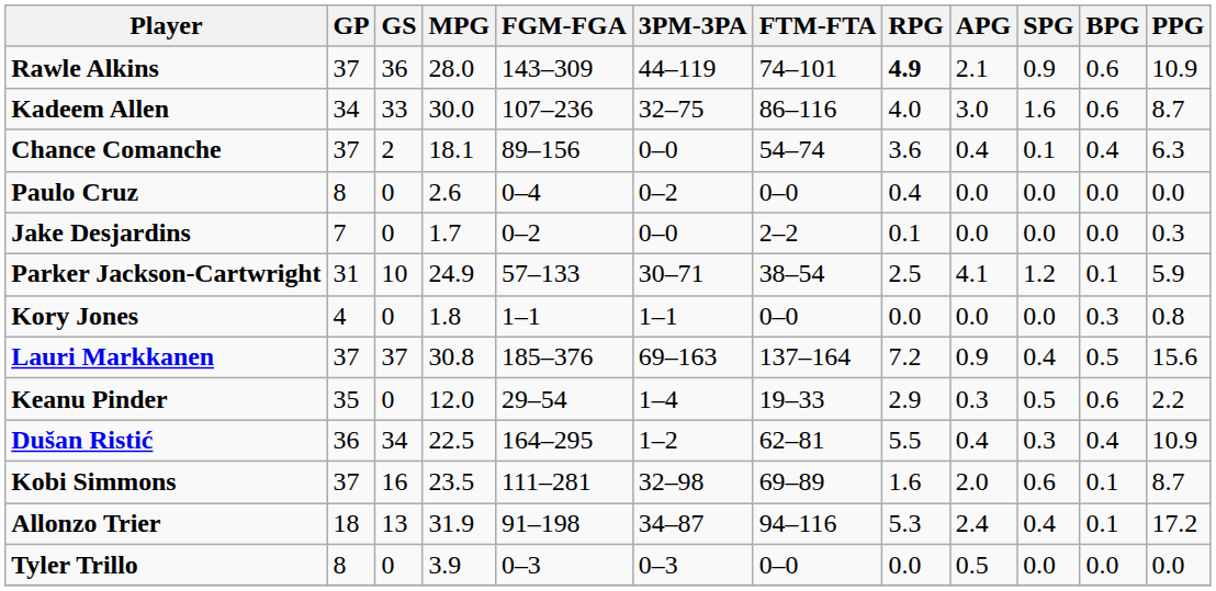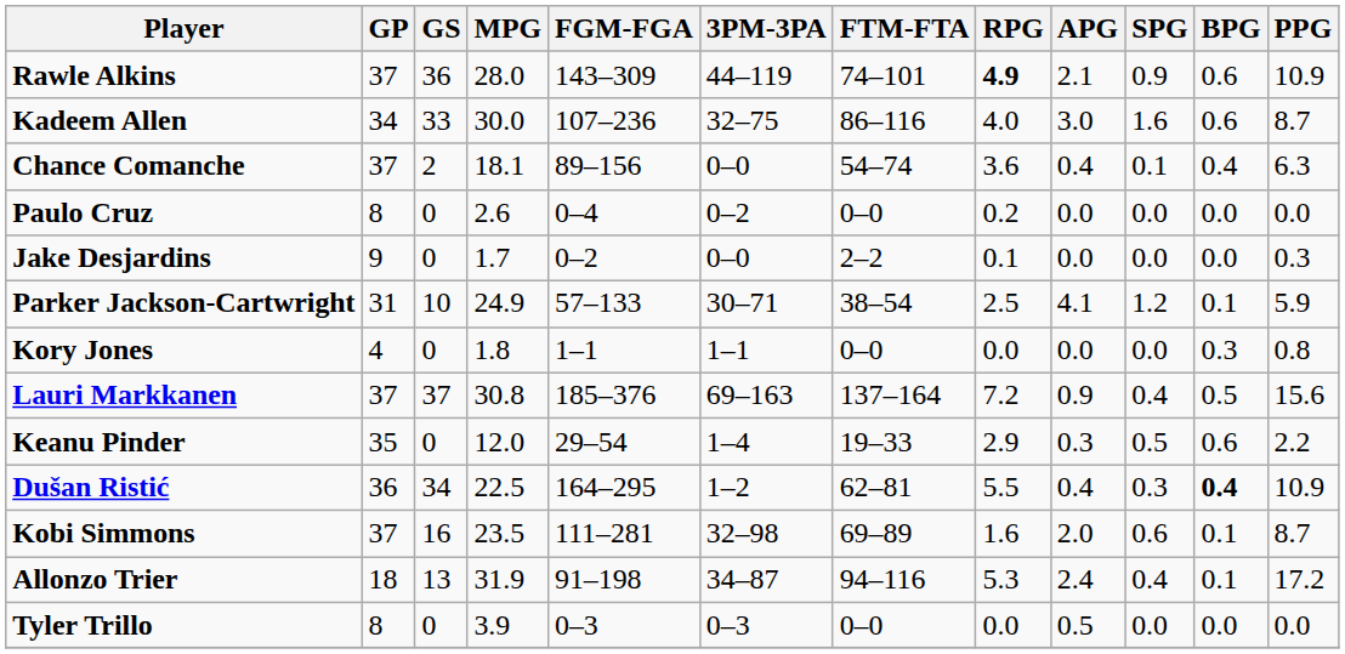 <table class="wikitable sortable" style="font-size: 100%">
 <tr>
 <th style="background:#">Player</th>
 <th style="background:#">GP</th>
 <th style="background:#">GS</th>
 <th style="background:#">MPG</th>
 <th style="background:#">FGM-FGA</th>
 <th style="background:#">3PM-3PA</th>
 <th style="background:#">FTM-FTA</th>
 <th style="background:#">RPG</th>
 <th style="background:#">APG</th>
 <th style="background:#">SPG</th>
 <th style="background:#">BPG</th>
 <th style="background:#">PPG</th>
 </tr>
 <tr bgcolor="">
 <td data-sort-value="Alkins, Rawle"><strong>Rawle Alkins</strong></td>
 <td>37</td>
 <td>36</td>
 <td>28.0</td>
 <td>143–309</td>
 <td>44–119</td>
 <td>74–101</td>
 <td><strong>4.9</strong></td>
 <td>2.1</td>
 <td>0.9</td>
 <td>0.6</td>
 <td>10.9</td>
 </tr>
 <tr bgcolor="">
 <td data-sort-value="Allen, Kadeem"><strong>Kadeem Allen</strong></td>
 <td>34</td>
 <td>33</td>
 <td>30.0</td>
 <td>107–236</td>
 <td>32–75</td>
 <td>86–116</td>
 <td>4.0</td>
 <td>3.0</td>
 <td>1.6</td>
 <td>0.6</td>
 <td>8.7</td>
 </tr>
 <tr bgcolor="">
 <td data-sort-value="Comanche, Chance"><strong>Chance Comanche</strong></td>
 <td>37</td>
 <td>2</td>
 <td>18.1</td>
 <td>89–156</td>
 <td>0–0</td>
 <td>54–74</td>
 <td>3.6</td>
 <td>0.4</td>
 <td>0.1</td>
 <td>0.4</td>
 <td>6.3</td>
 </tr>
 <tr bgcolor="">
 <td data-sort-value="Cruz, Paulo"><strong>Paulo Cruz</strong></td>
 <td>8</td>
 <td>0</td>
 <td>2.6</td>
 <td>0–4</td>
 <td>0–2</td>
 <td>0–0</td>
-<td>0.4</td>
+<td>0.2</td>
 <td>0.0</td>
 <td>0.0</td>
 <td>0.0</td>
 <td>0.0</td>
 </tr>
 <tr bgcolor="">
 <td data-sort-value="Desjardins, Jake"><strong>Jake Desjardins</strong></td>
-<td>7</td>
+<td>9</td>
 <td>0</td>
 <td>1.7</td>
 <td>0–2</td>
 <td>0–0</td>
 <td>2–2</td>
 <td>0.1</td>
 <td>0.0</td>
 <td>0.0</td>
 <td>0.0</td>
 <td>0.3</td>
 </tr>
 <tr bgcolor="">
 <td data-sort-value="Jackson-Cartwright, Parker"><strong>Parker Jackson-Cartwright</strong></td>
 <td>31</td>
 <td>10</td>
 <td>24.9</td>
 <td>57–133</td>
 <td>30–71</td>
 <td>38–54</td>
 <td>2.5</td>
 <td>4.1</td>
 <td>1.2</td>
 <td>0.1</td>
 <td>5.9</td>
 </tr>
 <tr bgcolor="">
 <td data-sort-value="Jones, Kory"><strong>Kory Jones</strong></td>
 <td>4</td>
 <td>0</td>
 <td>1.8</td>
 <td>1–1</td>
 <td>1–1</td>
 <td>0–0</td>
 <td>0.0</td>
 <td>0.0</td>
 <td>0.0</td>
 <td>0.3</td>
 <td>0.8</td>
 </tr>
 <tr bgcolor="">
 <td data-sort-value="Markkanen, Lauri"><strong><a href='#'>Lauri Markkanen</a></strong></td>
 <td>37</td>
 <td>37</td>
 <td>30.8</td>
 <td>185–376</td>
 <td>69–163</td>
 <td>137–164</td>
 <td>7.2</td>
 <td>0.9</td>
 <td>0.4</td>
 <td>0.5</td>
 <td>15.6</td>
 </tr>
 <tr bgcolor="">
 <td data-sort-value="Pinder, Keanu"><strong>Keanu Pinder</strong></td>
 <td>35</td>
 <td>0</td>
 <td>12.0</td>
 <td>29–54</td>
 <td>1–4</td>
 <td>19–33</td>
 <td>2.9</td>
 <td>0.3</td>
 <td>0.5</td>
 <td>0.6</td>
 <td>2.2</td>
 </tr>
 <tr bgcolor="">
 <td data-sort-value="Ristić, Dušan"><strong><a href='#'>Dušan Ristić</a></strong></td>
 <td>36</td>
 <td>34</td>
 <td>22.5</td>
 <td>164–295</td>
 <td>1–2</td>
 <td>62–81</td>
 <td>5.5</td>
 <td>0.4</td>
 <td>0.3</td>
-<td>0.4</td>
+<td><strong>0.4</strong></td>
 <td>10.9</td>
 </tr>
 <tr bgcolor="">
 <td data-sort-value="Simmons, Kobi"><strong>Kobi Simmons</strong></td>
 <td>37</td>
 <td>16</td>
 <td>23.5</td>
 <td>111–281</td>
 <td>32–98</td>
 <td>69–89</td>
 <td>1.6</td>
 <td>2.0</td>
 <td>0.6</td>
 <td>0.1</td>
 <td>8.7</td>
 </tr>
 <tr bgcolor="">
 <td data-sort-value="Trier, Allonzo"><strong>Allonzo Trier</strong></td>
 <td>18</td>
 <td>13</td>
 <td>31.9</td>
 <td>91–198</td>
 <td>34–87</td>
 <td>94–116</td>
 <td>5.3</td>
 <td>2.4</td>
 <td>0.4</td>
 <td>0.1</td>
 <td>17.2</td>
 </tr>
 <tr bgcolor="">
 <td data-sort-value="Trillo, Tyler"><strong>Tyler Trillo</strong></td>
 <td>8</td>
 <td>0</td>
 <td>3.9</td>
 <td>0–3</td>
 <td>0–3</td>
 <td>0–0</td>
 <td>0.0</td>
 <td>0.5</td>
 <td>0.0</td>
 <td>0.0</td>
 <td>0.0</td>
 </tr>
 <tr bgcolor="">
 </tr>
 </table>
